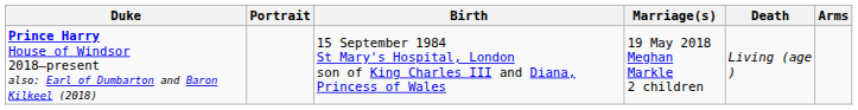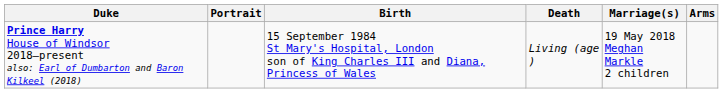 <table class="wikitable">
 <tr>
 <th>Duke</th>
 <th>Portrait</th>
 <th>Birth</th>
+<th>Death</th>
 <th>Marriage(s)</th>
-<th>Death</th>
 <th>Arms</th>
 </tr>
 <tr>
 <td><strong><a href='#'>Prince Harry</a></strong><br><a href='#'>House of Windsor</a><br>2018–present<br><em><small>also: <a href='#'>Earl of Dumbarton</a> and <a href='#'>Baron Kilkeel</a> (2018)</small></em></td>
 <td></td>
 <td>15 September 1984<br><a href='#'>St Mary's Hospital, London</a><br>son of <a href='#'>King Charles III</a> and <a href='#'>Diana, Princess of Wales</a></td>
+<td><em>Living (age )</td>
 <td>19 May 2018<br><a href='#'>Meghan Markle</a><br>2 children</td>
-<td><em>Living (age )</td>
 <td></td>
 </tr>
 </table>
